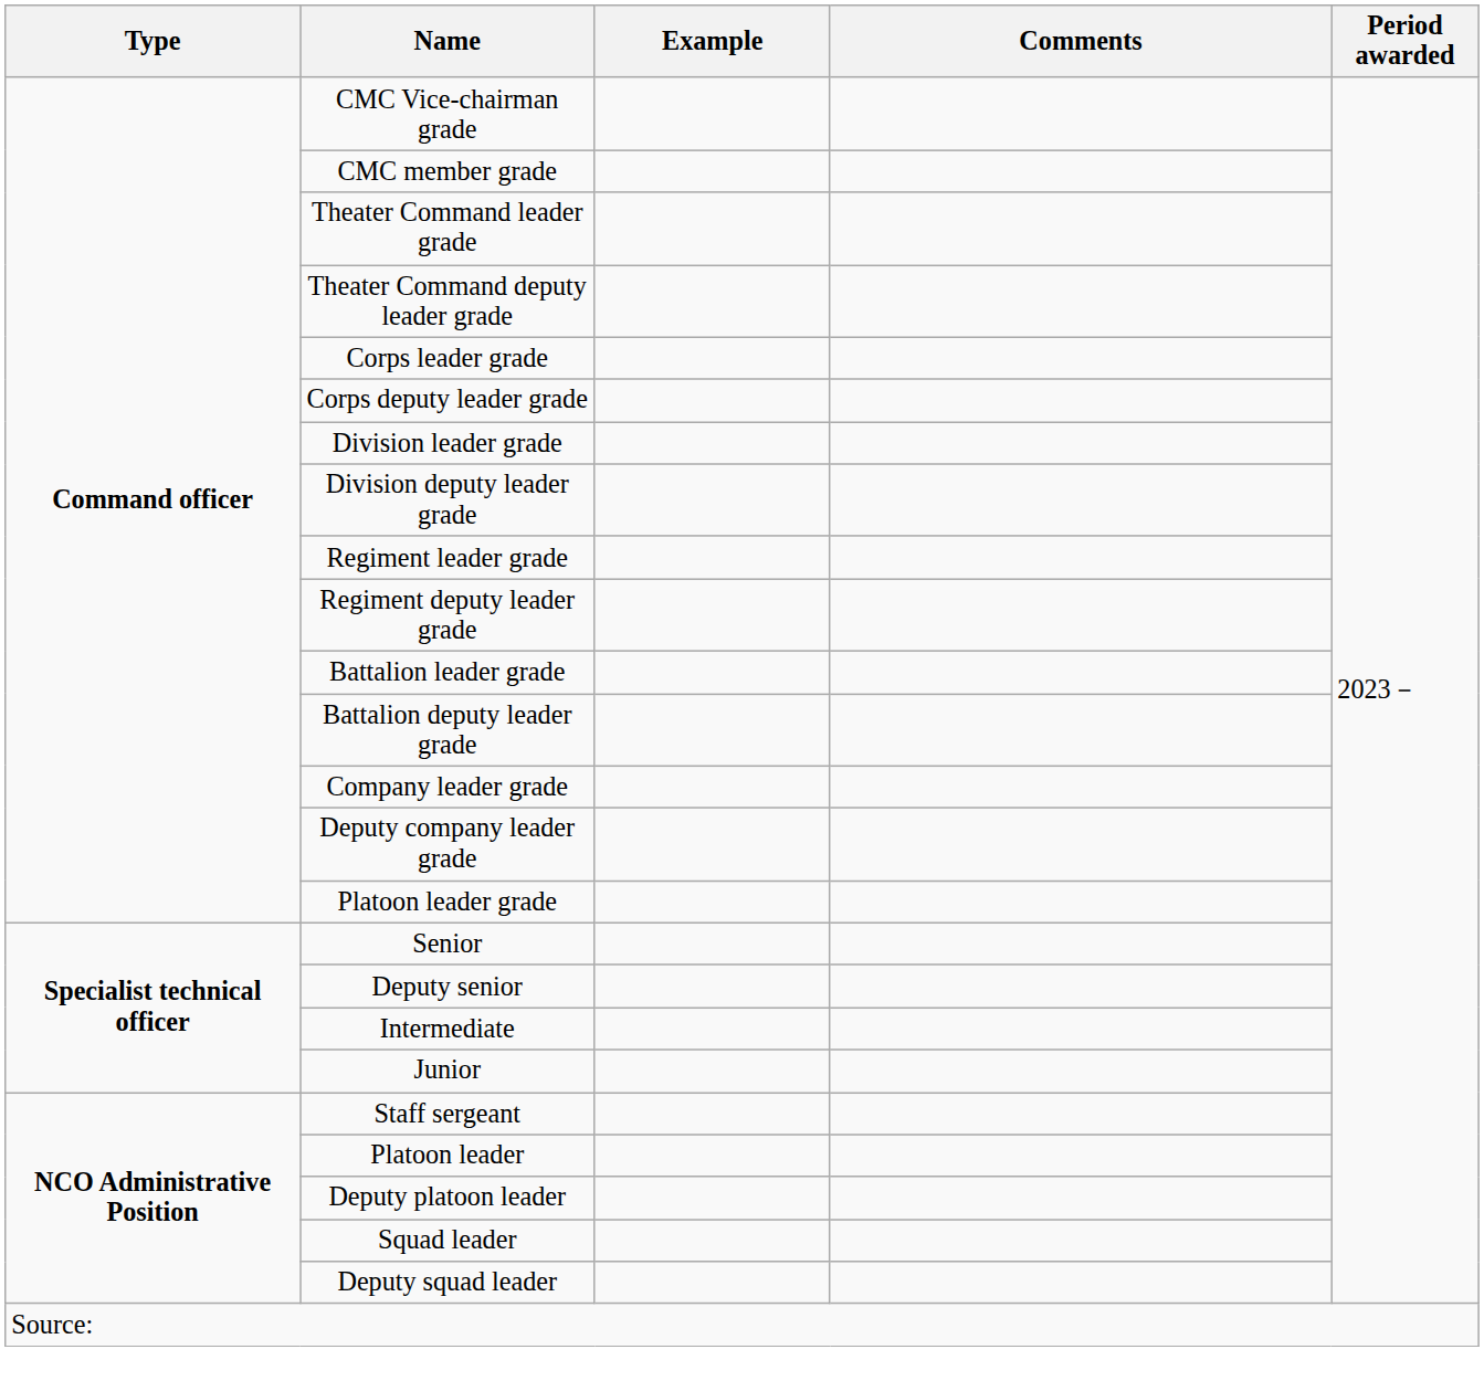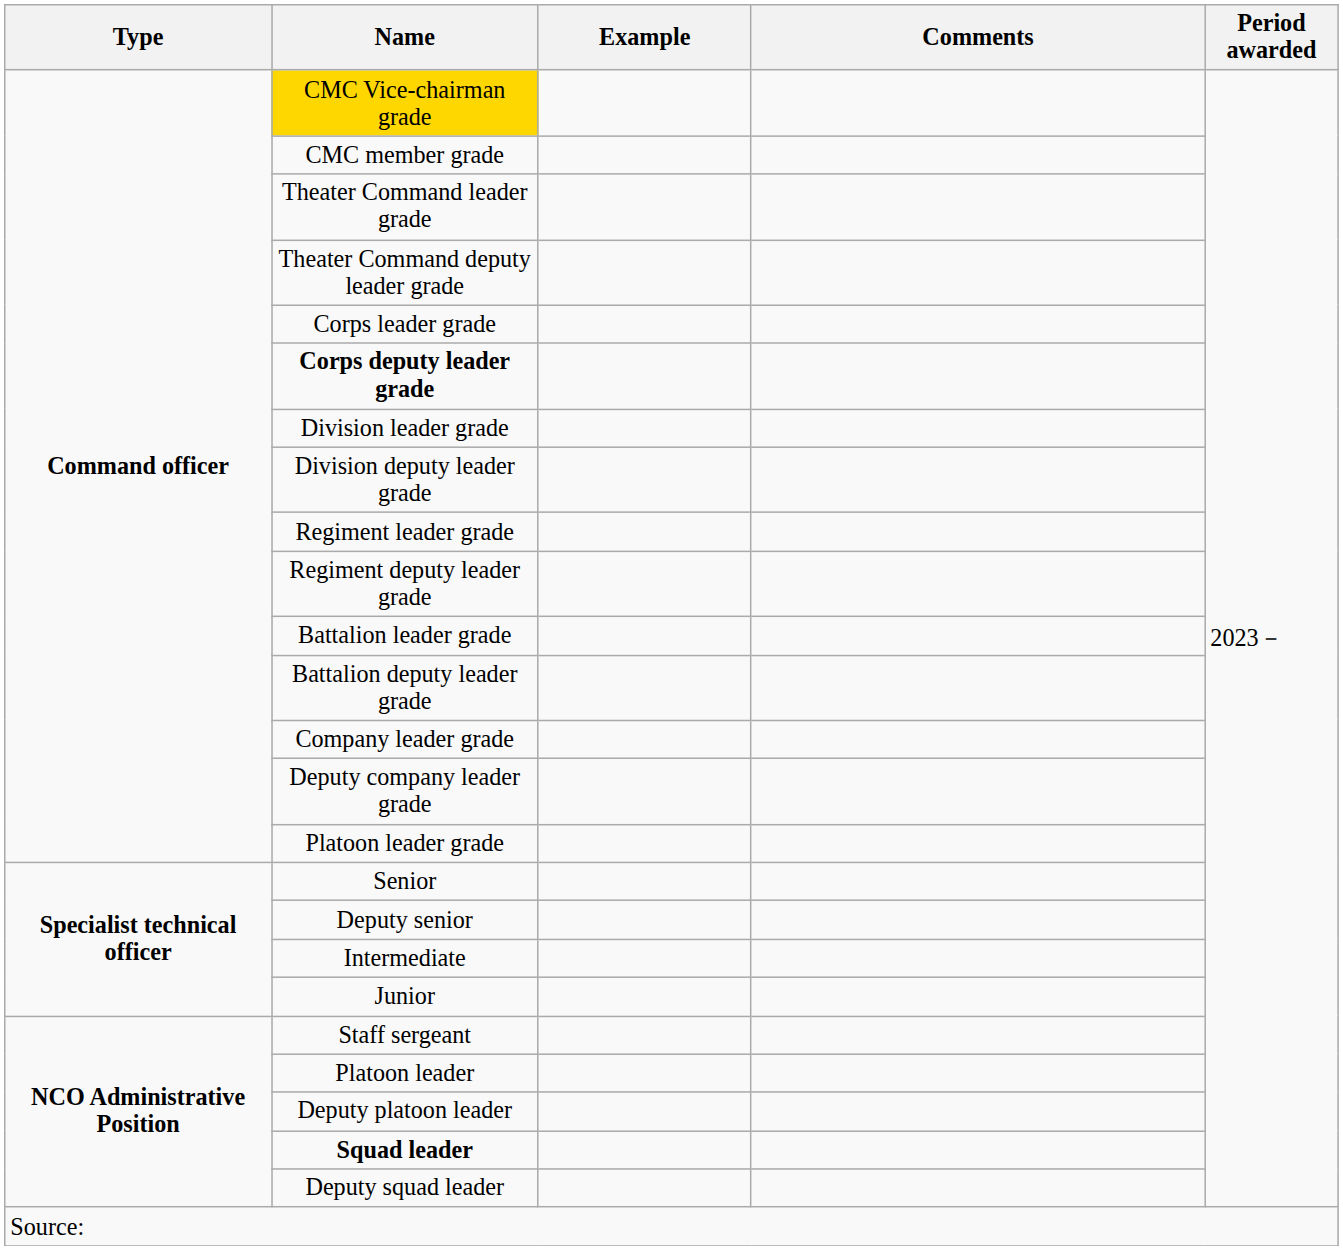 <table class="wikitable" width="100%">
 <tr>
 <th width="20%">Type</th>
 <th width="20%">Name</th>
 <th width="16%">Example</th>
 <th>Comments</th>
 <th width="10%">Period awarded</th>
 </tr>
 <tr>
 <td rowspan=15 style="text-align: center;"><strong>Command officer</strong></td>
-<td style="text-align: center;">CMC Vice-chairman grade</td>
+<td style="background: gold; text-align: center;">CMC Vice-chairman grade</td>
 <td></td>
 <td></td>
 <td rowspan=24>2023－</td>
 </tr>
 <tr>
 <td style="text-align: center;">CMC member grade</td>
 <td></td>
 <td></td>
 </tr>
 <tr>
 <td style="text-align: center;">Theater Command leader grade</td>
 <td></td>
 <td></td>
 </tr>
 <tr>
 <td style="text-align: center;">Theater Command deputy leader grade</td>
 <td></td>
 <td></td>
 </tr>
 <tr>
 <td style="text-align: center;">Corps leader grade</td>
 <td></td>
 <td></td>
 </tr>
 <tr>
-<td style="text-align: center;">Corps deputy leader grade</td>
+<td style="text-align: center;"><strong>Corps deputy leader grade</strong></td>
 <td></td>
 <td></td>
 </tr>
 <tr>
 <td style="text-align: center;">Division leader grade</td>
 <td></td>
 <td></td>
 </tr>
 <tr>
 <td style="text-align: center;">Division deputy leader grade</td>
 <td></td>
 <td></td>
 </tr>
 <tr>
 <td style="text-align: center;">Regiment leader grade</td>
 <td></td>
 <td></td>
 </tr>
 <tr>
 <td style="text-align: center;">Regiment deputy leader grade</td>
 <td></td>
 <td></td>
 </tr>
 <tr>
 <td style="text-align: center;">Battalion leader grade</td>
 <td></td>
 <td></td>
 </tr>
 <tr>
 <td style="text-align: center;">Battalion deputy leader grade</td>
 <td></td>
 <td></td>
 </tr>
 <tr>
 <td style="text-align: center;">Company leader grade</td>
 <td></td>
 <td></td>
 </tr>
 <tr>
 <td style="text-align: center;">Deputy company leader grade</td>
 <td></td>
 <td></td>
 </tr>
 <tr>
 <td style="text-align: center;">Platoon leader grade</td>
 <td></td>
 <td></td>
 </tr>
 <tr>
 <td rowspan=4 style="text-align: center;"><strong>Specialist technical officer</strong></td>
 <td style="text-align: center;">Senior</td>
 <td></td>
 </tr>
 <tr>
 <td style="text-align: center;">Deputy senior</td>
 <td></td>
 <td></td>
 </tr>
 <tr>
 <td style="text-align: center;">Intermediate</td>
 <td></td>
 <td></td>
 </tr>
 <tr>
 <td style="text-align: center;">Junior</td>
 <td></td>
 <td></td>
 </tr>
 <tr>
 <td rowspan=5 style="text-align: center;"><strong>NCO Administrative Position</strong></td>
 <td style="text-align: center;">Staff sergeant</td>
 <td></td>
 <td></td>
 </tr>
 <tr>
 <td style="text-align: center;">Platoon leader</td>
 <td></td>
 <td></td>
 </tr>
 <tr>
 <td style="text-align: center;">Deputy platoon leader</td>
 <td></td>
 <td></td>
 </tr>
 <tr>
-<td style="text-align: center;">Squad leader</td>
+<td style="text-align: center;"><strong>Squad leader</strong></td>
 <td></td>
 <td></td>
 </tr>
 <tr>
 <td style="text-align: center;">Deputy squad leader</td>
 <td></td>
 <td></td>
 </tr>
 <tr>
 <td colspan="5">Source:</td>
 </tr>
 </table>
